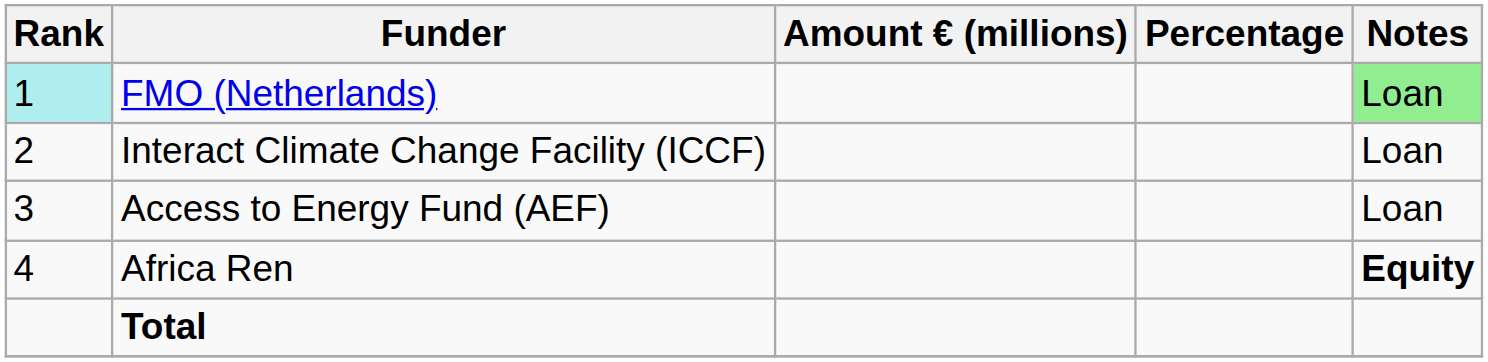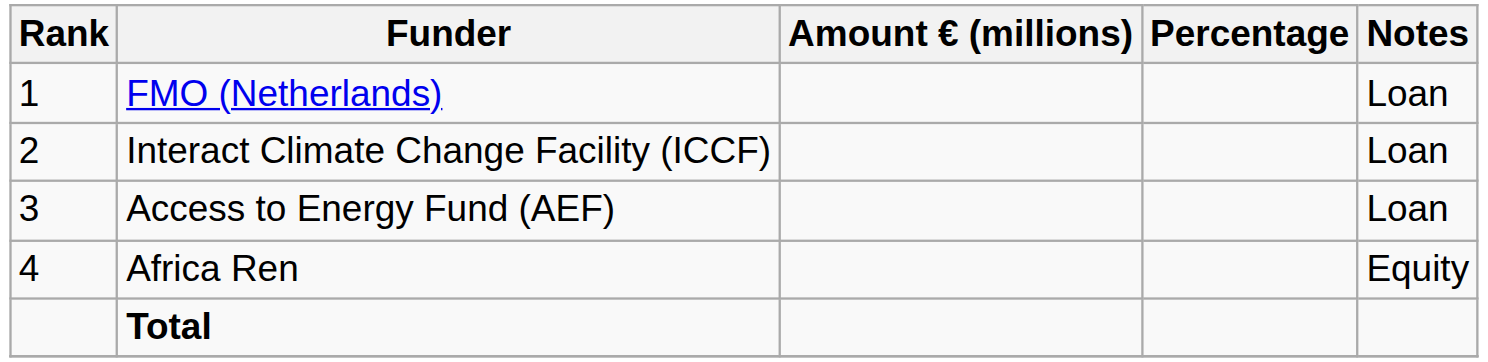 <table class="wikitable sortable" style="margin: 0.5em auto">
 <tr>
 <th>Rank</th>
 <th>Funder</th>
 <th>Amount € (millions)</th>
 <th>Percentage</th>
 <th>Notes</th>
 </tr>
 <tr>
-<td style="background: paleturquoise;">1</td>
+<td>1</td>
 <td><a href='#'>FMO (Netherlands)</a></td>
 <td></td>
 <td></td>
-<td style="background: lightgreen;">Loan</td>
+<td>Loan</td>
 </tr>
 <tr>
 <td>2</td>
 <td>Interact Climate Change Facility (ICCF)</td>
 <td></td>
 <td></td>
 <td>Loan</td>
 </tr>
 <tr>
 <td>3</td>
 <td>Access to Energy Fund (AEF)</td>
 <td></td>
 <td></td>
 <td>Loan</td>
 </tr>
 <tr>
 <td>4</td>
 <td>Africa Ren</td>
 <td></td>
 <td></td>
-<td><strong>Equity</strong></td>
+<td>Equity</td>
 </tr>
 <tr>
 <td></td>
 <td><strong>Total</strong></td>
 <td></td>
 <td></td>
 <td></td>
 </tr>
 <tr>
 </tr>
 </table>
